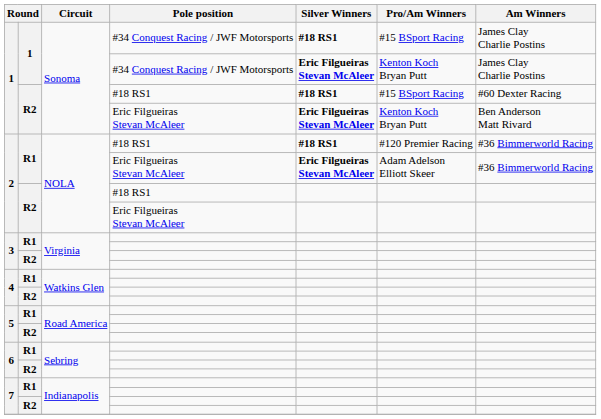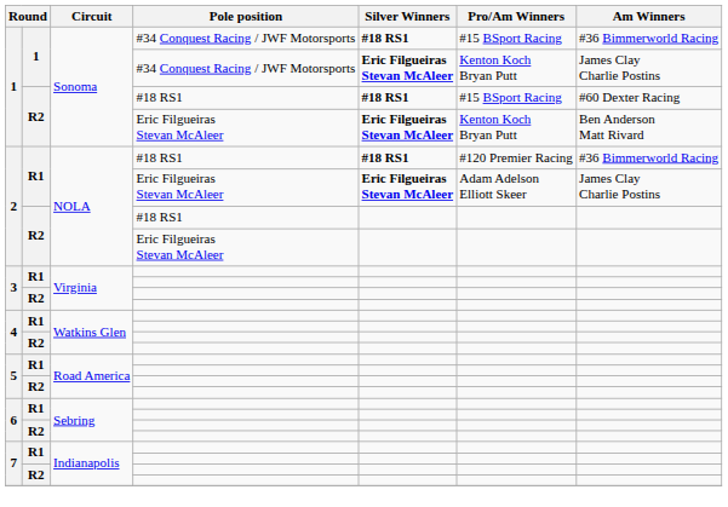 <table class="wikitable" style="font-size:85%;">
 <tr>
 <th colspan=2>Round</th>
 <th>Circuit</th>
 <th>Pole position</th>
 <th>Silver Winners</th>
 <th>Pro/Am Winners</th>
 <th>Am Winners</th>
 </tr>
 <tr>
 <th rowspan=4>1</th>
 <th rowspan=2>1</th>
 <td rowspan=4> <a href='#'>Sonoma</a></td>
 <td> #34 <a href='#'>Conquest Racing</a> / JWF Motorsports</td>
 <td><strong> #18 RS1</strong></td>
 <td> #15 <a href='#'>BSport Racing</a></td>
-<td> James Clay<br> Charlie Postins</td>
+<td> #36 <a href='#'>Bimmerworld Racing</a></td>
 </tr>
 <tr>
 <td> #34 <a href='#'>Conquest Racing</a> / JWF Motorsports</td>
 <td><strong> Eric Filgueiras<br> <a href='#'>Stevan McAleer</a></strong></td>
 <td> <a href='#'>Kenton Koch</a><br> Bryan Putt</td>
 <td> James Clay<br> Charlie Postins</td>
 </tr>
 <tr>
 <th rowspan=2>R2</th>
 <td> #18 RS1</td>
 <td><strong> #18 RS1</strong></td>
 <td> #15 <a href='#'>BSport Racing</a></td>
 <td> #60 Dexter Racing</td>
 </tr>
 <tr>
 <td> Eric Filgueiras<br> <a href='#'>Stevan McAleer</a></td>
 <td><strong> Eric Filgueiras<br> <a href='#'>Stevan McAleer</a></strong></td>
 <td> <a href='#'>Kenton Koch</a><br> Bryan Putt</td>
 <td> Ben Anderson<br> Matt Rivard</td>
 </tr>
 <tr>
 <th rowspan=4>2</th>
 <th rowspan=2>R1</th>
 <td rowspan=4> <a href='#'>NOLA</a></td>
 <td> #18 RS1</td>
 <td><strong> #18 RS1</strong></td>
 <td> #120 Premier Racing</td>
 <td> #36 <a href='#'>Bimmerworld Racing</a></td>
 </tr>
 <tr>
 <td> Eric Filgueiras<br> <a href='#'>Stevan McAleer</a></td>
 <td><strong> Eric Filgueiras<br> <a href='#'>Stevan McAleer</a></strong></td>
 <td> Adam Adelson<br> Elliott Skeer</td>
-<td> #36 <a href='#'>Bimmerworld Racing</a></td>
+<td> James Clay<br> Charlie Postins</td>
 </tr>
 <tr>
 <th rowspan=2>R2</th>
 <td> #18 RS1</td>
 <td></td>
 <td></td>
 <td></td>
 </tr>
 <tr>
 <td> Eric Filgueiras<br> <a href='#'>Stevan McAleer</a></td>
 <td></td>
 <td></td>
 <td></td>
 </tr>
 <tr>
 <th rowspan=4>3</th>
 <th rowspan=2>R1</th>
 <td rowspan=4> <a href='#'>Virginia</a></td>
 <td></td>
 <td></td>
 <td></td>
 <td></td>
 </tr>
 <tr>
 <td></td>
 <td></td>
 <td></td>
 <td></td>
 </tr>
 <tr>
 <th rowspan=2>R2</th>
 <td></td>
 <td></td>
 <td></td>
 <td></td>
 </tr>
 <tr>
 <td></td>
 <td></td>
 <td></td>
 <td></td>
 </tr>
 <tr>
 <th rowspan=4>4</th>
 <th rowspan=2>R1</th>
 <td rowspan=4> <a href='#'>Watkins Glen</a></td>
 <td></td>
 <td></td>
 <td></td>
 <td></td>
 </tr>
 <tr>
 <td></td>
 <td></td>
 <td></td>
 <td></td>
 </tr>
 <tr>
 <th rowspan=2>R2</th>
 <td></td>
 <td></td>
 <td></td>
 <td></td>
 </tr>
 <tr>
 <td></td>
 <td></td>
 <td></td>
 <td></td>
 </tr>
 <tr>
 <th rowspan=4>5</th>
 <th rowspan=2>R1</th>
 <td rowspan=4> <a href='#'>Road America</a></td>
 <td></td>
 <td></td>
 <td></td>
 <td></td>
 </tr>
 <tr>
 <td></td>
 <td></td>
 <td></td>
 <td></td>
 </tr>
 <tr>
 <th rowspan=2>R2</th>
 <td></td>
 <td></td>
 <td></td>
 <td></td>
 </tr>
 <tr>
 <td></td>
 <td></td>
 <td></td>
 <td></td>
 </tr>
 <tr>
 <th rowspan=4>6</th>
 <th rowspan=2>R1</th>
 <td rowspan=4> <a href='#'>Sebring</a></td>
 <td></td>
 <td></td>
 <td></td>
 <td></td>
 </tr>
 <tr>
 <td></td>
 <td></td>
 <td></td>
 <td></td>
 </tr>
 <tr>
 <th rowspan=2>R2</th>
 <td></td>
 <td></td>
 <td></td>
 <td></td>
 </tr>
 <tr>
 <td></td>
 <td></td>
 <td></td>
 <td></td>
 </tr>
 <tr>
 <th rowspan=4>7</th>
 <th rowspan=2>R1</th>
 <td rowspan=4> <a href='#'>Indianapolis</a></td>
 <td></td>
 <td></td>
 <td></td>
 <td></td>
 </tr>
 <tr>
 <td></td>
 <td></td>
 <td></td>
 <td></td>
 </tr>
 <tr>
 <th rowspan=2>R2</th>
 <td></td>
 <td></td>
 <td></td>
 <td></td>
 </tr>
 <tr>
 <td></td>
 <td></td>
 <td></td>
 <td></td>
 </tr>
 <tr>
 </tr>
 </table>
